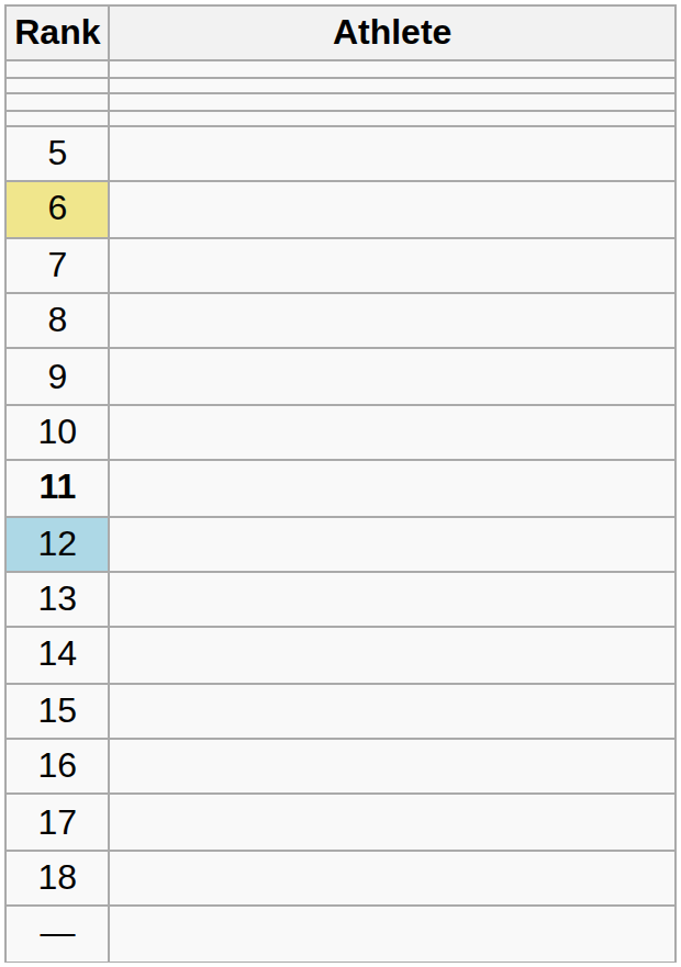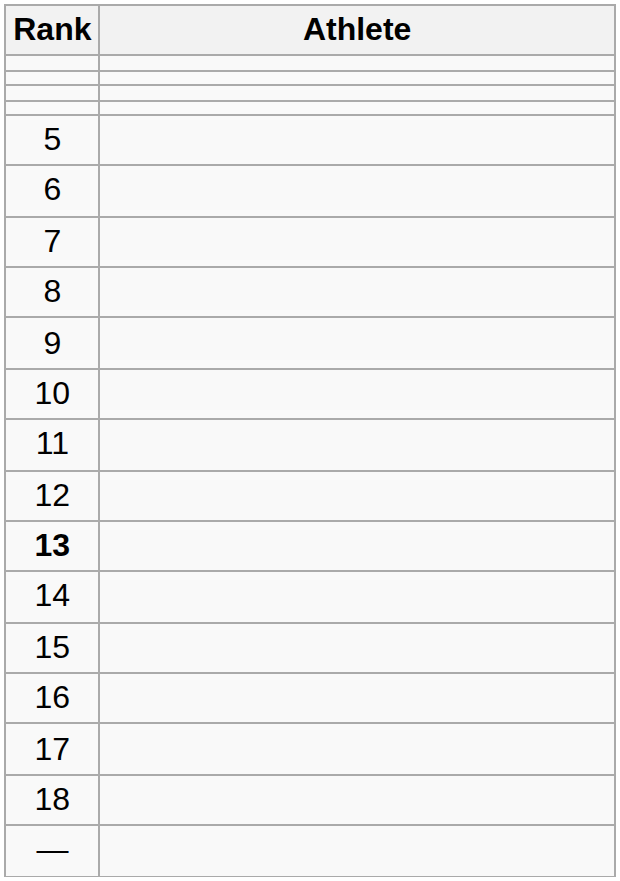 <table class="wikitable" style="text-align: center;">
 <tr>
 <th width=40>Rank</th>
 <th width=250>Athlete</th>
 </tr>
 <tr>
 <td></td>
 <td align="left"></td>
 </tr>
 <tr>
 <td></td>
 <td align="left"></td>
 </tr>
 <tr>
 <td></td>
 <td align="left"></td>
 </tr>
 <tr>
 <td></td>
 <td align="left"></td>
 </tr>
 <tr>
 <td>5</td>
 <td align="left"></td>
 </tr>
 <tr>
-<td style="background: khaki;">6</td>
+<td>6</td>
 <td align="left"></td>
 </tr>
 <tr>
 <td>7</td>
 <td align="left"></td>
 </tr>
 <tr>
 <td>8</td>
 <td align="left"></td>
 </tr>
 <tr>
 <td>9</td>
 <td align="left"></td>
 </tr>
 <tr>
 <td>10</td>
 <td align="left"></td>
 </tr>
 <tr>
-<td><strong>11</strong></td>
+<td>11</td>
 <td align="left"></td>
 </tr>
 <tr>
-<td style="background: lightblue;">12</td>
+<td>12</td>
 <td align="left"></td>
 </tr>
 <tr>
-<td>13</td>
+<td><strong>13</strong></td>
 <td align="left"></td>
 </tr>
 <tr>
 <td>14</td>
 <td align="left"></td>
 </tr>
 <tr>
 <td>15</td>
 <td align="left"></td>
 </tr>
 <tr>
 <td>16</td>
 <td align="left"></td>
 </tr>
 <tr>
 <td>17</td>
 <td align="left"></td>
 </tr>
 <tr>
 <td>18</td>
 <td align="left"></td>
 </tr>
 <tr>
 <td>—</td>
 <td align="left"></td>
 </tr>
 </table>
